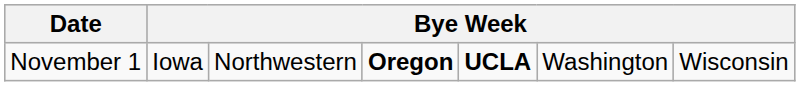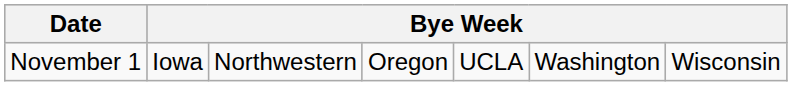 <table class="wikitable" style="font-size:95%;">
 <tr>
 <th>Date</th>
 <th colspan="6">Bye Week</th>
 </tr>
 <tr>
 <td>November 1</td>
 <td>Iowa</td>
 <td>Northwestern</td>
-<td><strong>Oregon</strong></td>
-<td><strong>UCLA</strong></td>
+<td>Oregon</td>
+<td>UCLA</td>
 <td>Washington</td>
 <td>Wisconsin</td>
 </tr>
 </table>
